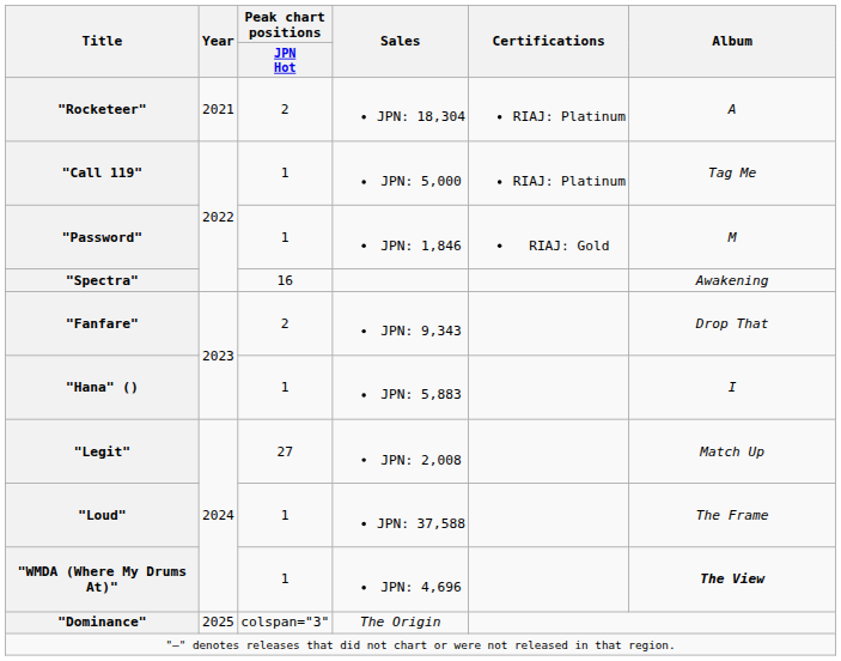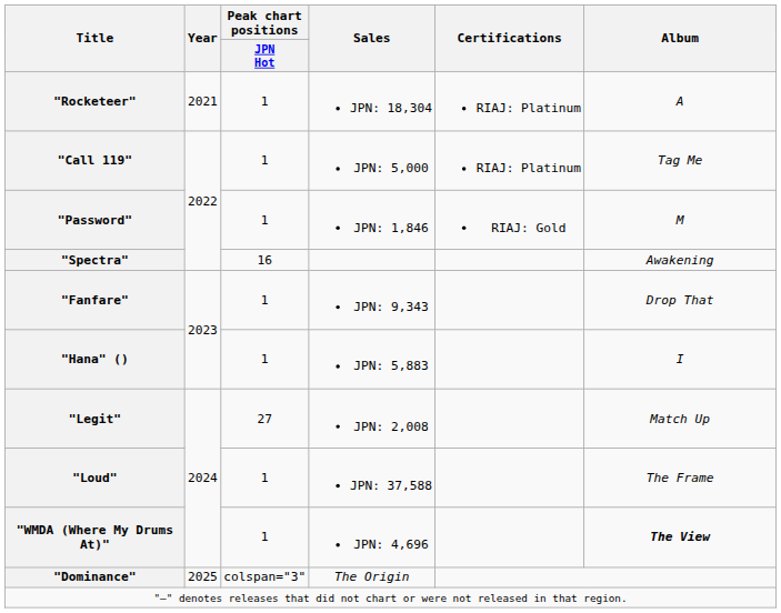 <table class="wikitable plainrowheaders" style="text-align:center;">
 <tr>
 <th scope="col" rowspan="2" style="width:14em;">Title</th>
 <th scope="col" rowspan="2" style="width:2em;">Year</th>
 <th scope="col">Peak chart positions</th>
 <th rowspan="2">Sales</th>
 <th rowspan="2" scope="col">Certifications</th>
 <th scope="col" rowspan="2" style="width:15em;">Album</th>
 </tr>
 <tr>
 <th scope="col" style="width:2.5em;font-size:90%;"><a href='#'>JPN<br>Hot</a><br></th>
 </tr>
 <tr>
 <th scope="row">"Rocketeer"</th>
 <td>2021</td>
-<td>2</td>
+<td>1</td>
 <td><br><ul><li>JPN: 18,304 </li></ul></td>
 <td><br><ul><li>RIAJ: Platinum </li></ul></td>
 <td><em>A</em></td>
 </tr>
 <tr>
 <th scope="row">"Call 119"</th>
 <td rowspan="3">2022</td>
 <td>1</td>
 <td><br><ul><li>JPN: 5,000 </li></ul></td>
 <td><br><ul><li>RIAJ: Platinum </li></ul></td>
 <td><em>Tag Me</em></td>
 </tr>
 <tr>
 <th scope="row">"Password"</th>
 <td>1</td>
 <td><br><ul><li>JPN: 1,846 </li></ul></td>
 <td><br><ul><li>RIAJ: Gold </li></ul></td>
 <td><em>M</em></td>
 </tr>
 <tr>
 <th scope="row">"Spectra"</th>
 <td>16</td>
 <td></td>
 <td></td>
 <td><em>Awakening</em></td>
 </tr>
 <tr>
 <th scope="row">"Fanfare"</th>
 <td rowspan="2">2023</td>
-<td>2</td>
+<td>1</td>
 <td><br><ul><li>JPN: 9,343 </li></ul></td>
 <td></td>
 <td><em>Drop That</em></td>
 </tr>
 <tr>
 <th scope="row">"Hana" ()</th>
 <td>1</td>
 <td><br><ul><li>JPN: 5,883 </li></ul></td>
 <td></td>
 <td><em>I</em></td>
 </tr>
 <tr>
 <th scope="row">"Legit"</th>
 <td rowspan="3">2024</td>
 <td>27</td>
 <td><br><ul><li>JPN: 2,008 </li></ul></td>
 <td></td>
 <td><em>Match Up</em></td>
 </tr>
 <tr>
 <th scope="row">"Loud"</th>
 <td>1</td>
 <td><br><ul><li>JPN: 37,588 </li></ul></td>
 <td></td>
 <td><em>The Frame</em></td>
 </tr>
 <tr>
 <th scope="row">"WMDA (Where My Drums At)"</th>
 <td>1</td>
 <td><br><ul><li>JPN: 4,696 </li></ul></td>
 <td></td>
 <td><strong><em>The View</em></strong></td>
 </tr>
 <tr>
 <th scope="row">"Dominance"</th>
 <td>2025</td>
 <td>colspan="3" </td>
 <td><em>The Origin</em></td>
 </tr>
 <tr>
 <td colspan="6"><small>"—" denotes releases that did not chart or were not released in that region.</small></td>
 </tr>
 </table>
